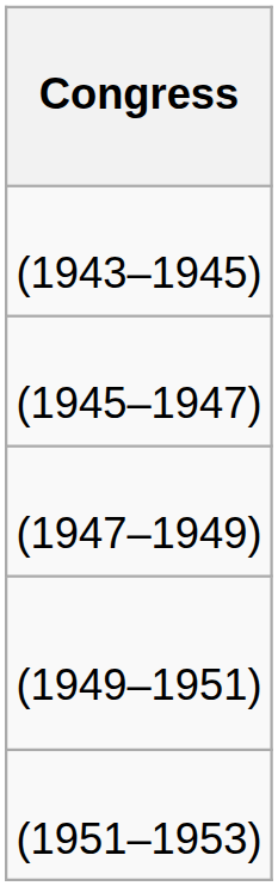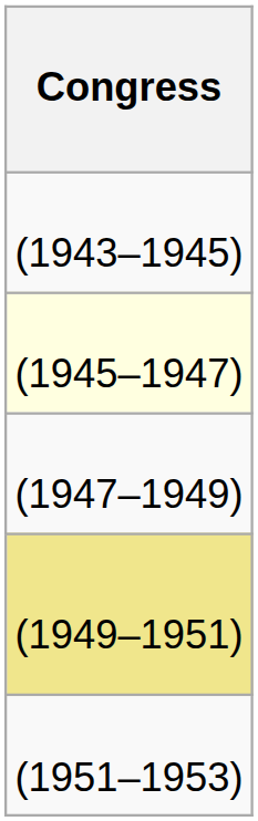 <table class="wikitable" style="float:left; margin:0; margin-right:-0.5px; margin-top:14px; text-align:center;">
 <tr style="white-space:nowrap; height:4.1em;">
 <th>Congress</th>
 </tr>
 <tr style="white-space:nowrap; height:3em;">
 <td><strong></strong><br>(1943–1945)</td>
 </tr>
 <tr style="white-space:nowrap; height:3em">
-<td><strong></strong><br>(1945–1947)</td>
+<td style="background: lightyellow;"><strong></strong><br>(1945–1947)</td>
 </tr>
 <tr style="white-space:nowrap; height:3em">
 <td><strong></strong><br>(1947–1949)</td>
 </tr>
 <tr style="white-space:nowrap; height:4.04em">
-<td><strong></strong><br>(1949–1951)</td>
+<td style="background: khaki;"><strong></strong><br>(1949–1951)</td>
 </tr>
 <tr style="white-space:nowrap; height:3em">
 <td><strong></strong><br>(1951–1953)</td>
 </tr>
 </table>
